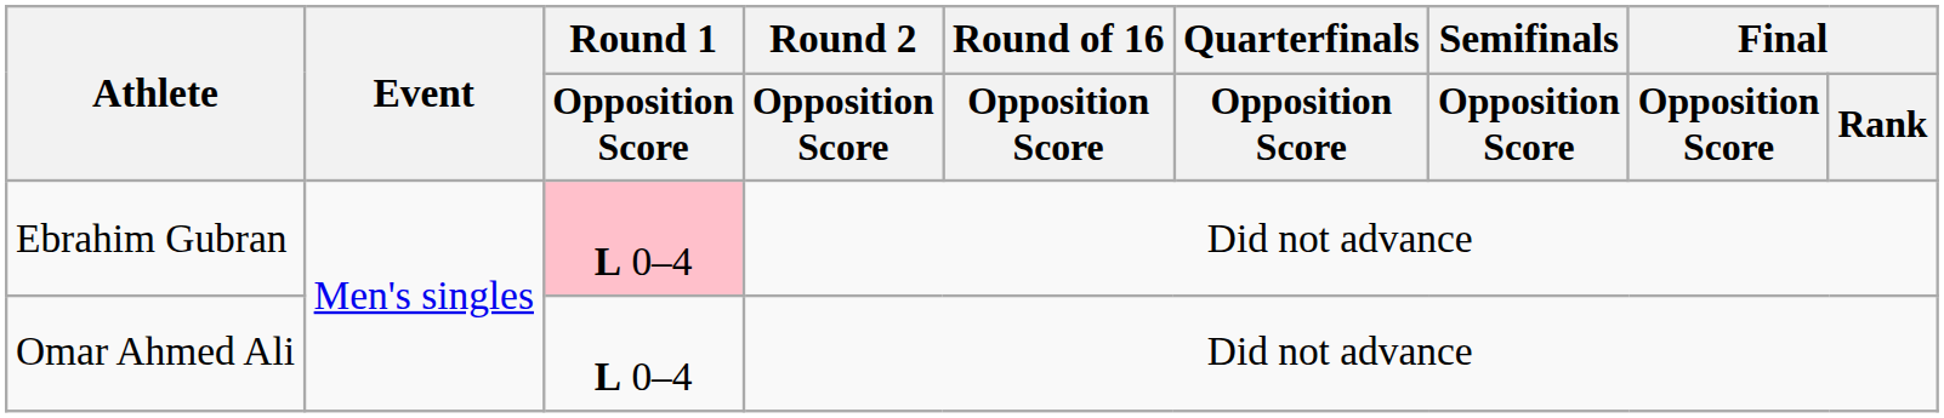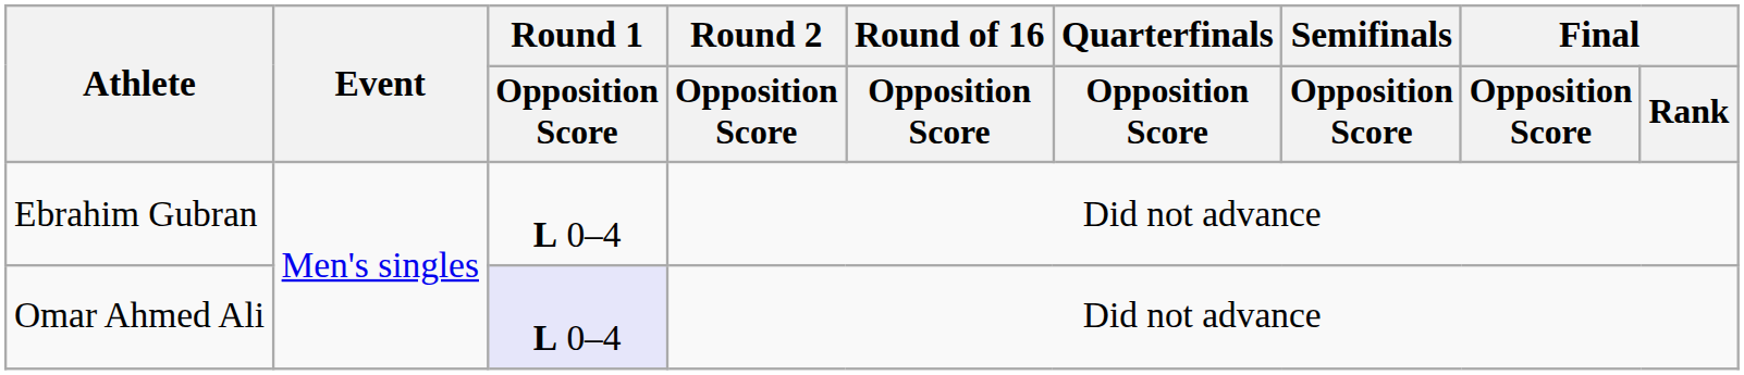 <table class=wikitable style="font-size:90%; text-align:center;">
 <tr>
 <th rowspan="2">Athlete</th>
 <th rowspan="2">Event</th>
 <th>Round 1</th>
 <th>Round 2</th>
 <th>Round of 16</th>
 <th>Quarterfinals</th>
 <th>Semifinals</th>
 <th colspan=2>Final</th>
 </tr>
 <tr style="font-size:95%">
 <th>Opposition<br>Score</th>
 <th>Opposition<br>Score</th>
 <th>Opposition<br>Score</th>
 <th>Opposition<br>Score</th>
 <th>Opposition<br>Score</th>
 <th>Opposition<br>Score</th>
 <th>Rank</th>
 </tr>
 <tr>
 <td align=left>Ebrahim Gubran</td>
 <td align=left rowspan=2><a href='#'>Men's singles</a></td>
-<td style="background: pink;"><br><strong>L</strong> 0–4</td>
+<td><br><strong>L</strong> 0–4</td>
 <td colspan=6>Did not advance</td>
 </tr>
 <tr>
 <td align=left>Omar Ahmed Ali</td>
-<td><br><strong>L</strong> 0–4</td>
+<td style="background: lavender;"><br><strong>L</strong> 0–4</td>
 <td colspan=6>Did not advance</td>
 </tr>
 </table>
